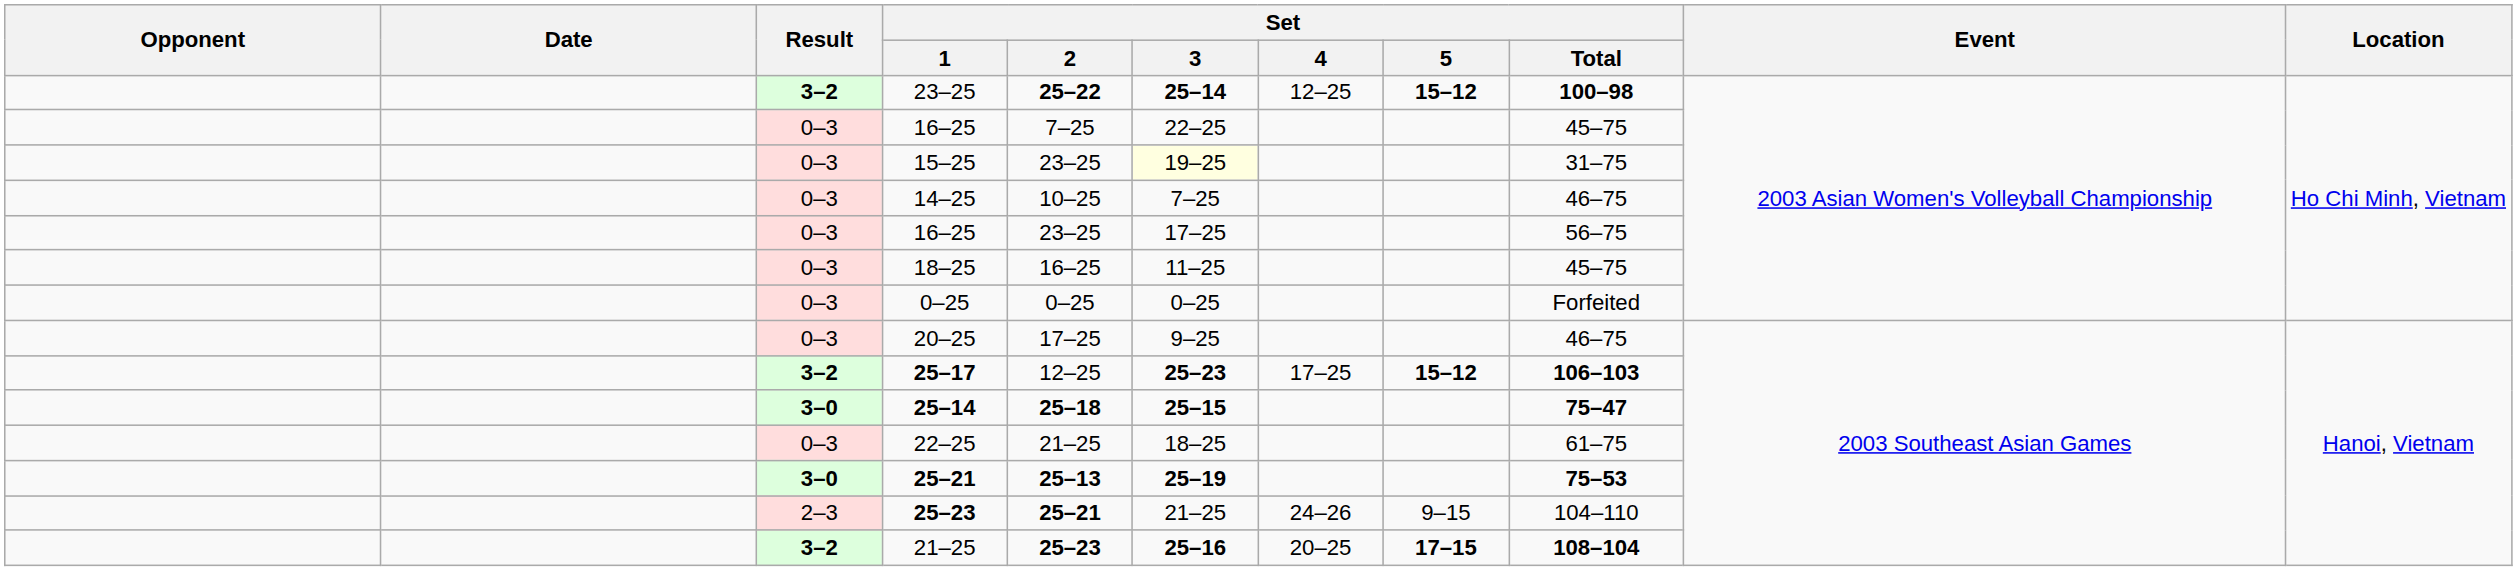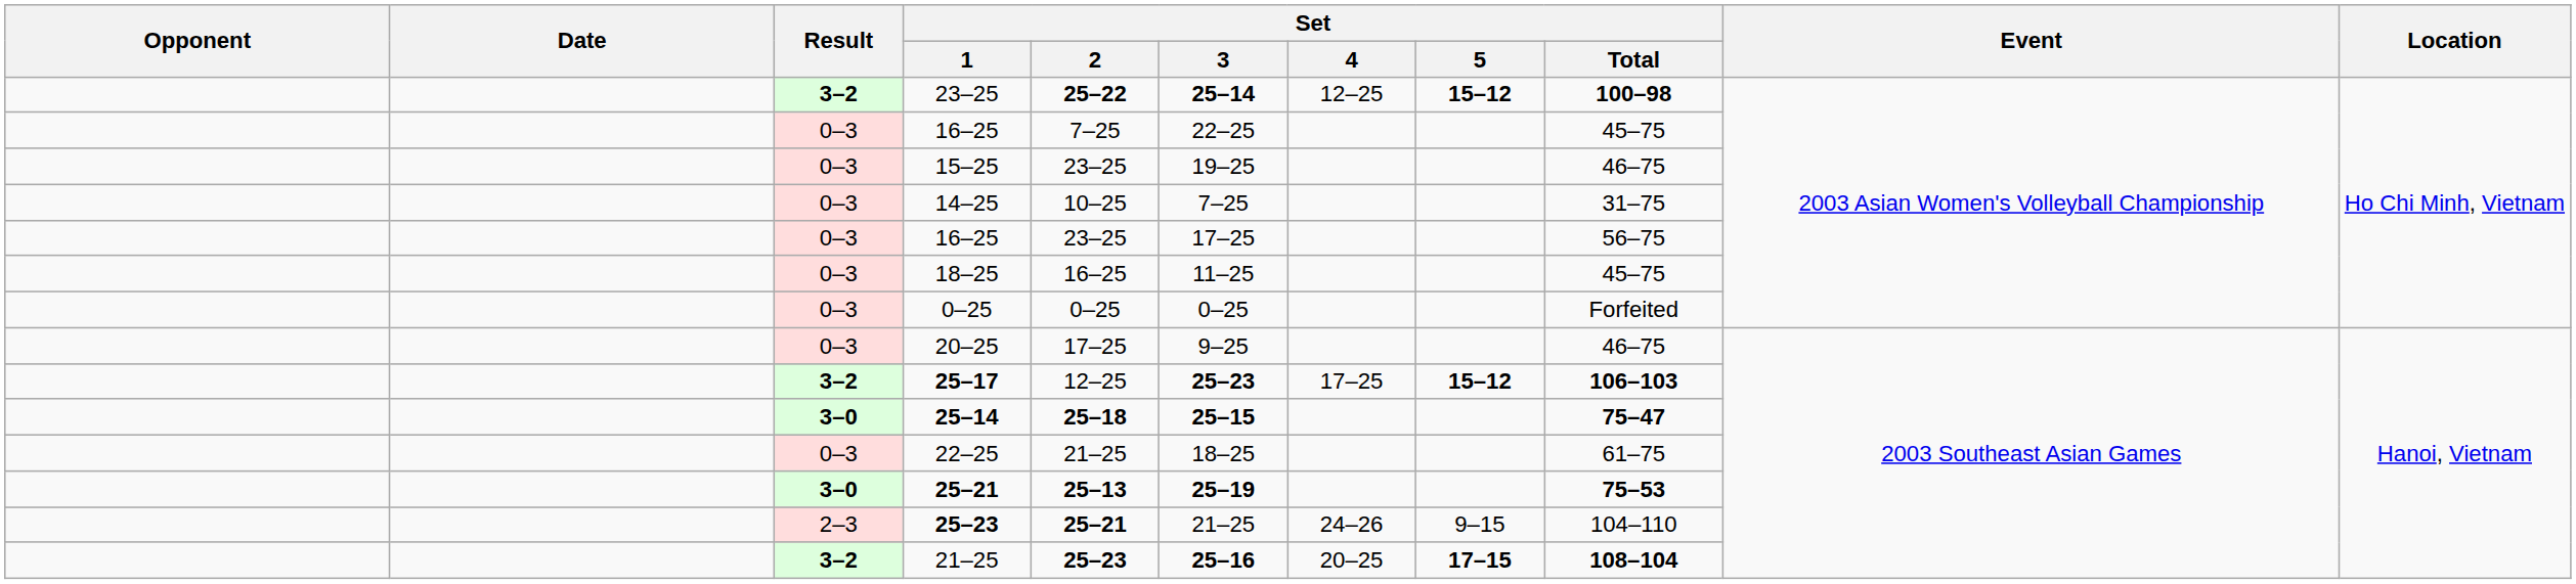 <table class="wikitable" style="font-size: 90%">
 <tr>
 <th rowspan=2 width=15%>Opponent</th>
 <th rowspan=2 width=15%>Date</th>
 <th rowspan=2 width=5%>Result</th>
 <th colspan=6>Set</th>
 <th rowspan=2 width=24%>Event</th>
 <th rowspan=2 width=16%>Location</th>
 </tr>
 <tr>
 <th width=5%>1</th>
 <th width=5%>2</th>
 <th width=5%>3</th>
 <th width=5%>4</th>
 <th width=5%>5</th>
 <th width=7%>Total</th>
 </tr>
 <tr style="text-align:center;">
 <td style="text-align:left;"></td>
 <td></td>
 <td style="background:#ddffdd;"><strong>3–2</strong></td>
 <td>23–25</td>
 <td><strong>25–22</strong></td>
 <td><strong>25–14</strong></td>
 <td>12–25</td>
 <td><strong>15–12</strong></td>
 <td><strong>100–98</strong></td>
 <td rowspan=7><a href='#'>2003 Asian Women's Volleyball Championship</a></td>
 <td rowspan=7><a href='#'>Ho Chi Minh</a>, <a href='#'>Vietnam</a></td>
 </tr>
 <tr style="text-align:center;">
 <td style="text-align:left;"></td>
 <td></td>
 <td style="background:#ffdddd;">0–3</td>
 <td>16–25</td>
 <td>7–25</td>
 <td>22–25</td>
 <td></td>
 <td></td>
 <td>45–75</td>
 </tr>
 <tr style="text-align:center;">
 <td style="text-align:left;"></td>
 <td></td>
 <td style="background:#ffdddd;">0–3</td>
 <td>15–25</td>
 <td>23–25</td>
-<td style="background: lightyellow;">19–25</td>
+<td>19–25</td>
 <td></td>
 <td></td>
-<td>31–75</td>
+<td>46–75</td>
 </tr>
 <tr style="text-align:center;">
 <td style="text-align:left;"></td>
 <td></td>
 <td style="background:#ffdddd;">0–3</td>
 <td>14–25</td>
 <td>10–25</td>
 <td>7–25</td>
 <td></td>
 <td></td>
-<td>46–75</td>
+<td>31–75</td>
 </tr>
 <tr style="text-align:center;">
 <td style="text-align:left;"></td>
 <td></td>
 <td style="background:#ffdddd;">0–3</td>
 <td>16–25</td>
 <td>23–25</td>
 <td>17–25</td>
 <td></td>
 <td></td>
 <td>56–75</td>
 </tr>
 <tr style="text-align:center;">
 <td style="text-align:left;"></td>
 <td></td>
 <td style="background:#ffdddd;;">0–3</td>
 <td>18–25</td>
 <td>16–25</td>
 <td>11–25</td>
 <td></td>
 <td></td>
 <td>45–75</td>
 </tr>
 <tr style="text-align:center;">
 <td style="text-align:left;"></td>
 <td></td>
 <td style="background:#ffdddd;;">0–3</td>
 <td>0–25</td>
 <td>0–25</td>
 <td>0–25</td>
 <td></td>
 <td></td>
 <td>Forfeited</td>
 </tr>
 <tr style="text-align:center;">
 <td style="text-align:left;"></td>
 <td></td>
 <td style="background:#ffdddd;">0–3</td>
 <td>20–25</td>
 <td>17–25</td>
 <td>9–25</td>
 <td></td>
 <td></td>
 <td>46–75</td>
 <td rowspan=7><a href='#'>2003 Southeast Asian Games</a></td>
 <td rowspan=7><a href='#'>Hanoi</a>, <a href='#'>Vietnam</a></td>
 </tr>
 <tr style="text-align:center;">
 <td style="text-align:left;"></td>
 <td></td>
 <td style="background:#ddffdd;"><strong>3–2</strong></td>
 <td><strong>25–17</strong></td>
 <td>12–25</td>
 <td><strong>25–23</strong></td>
 <td>17–25</td>
 <td><strong>15–12</strong></td>
 <td><strong>106–103</strong></td>
 </tr>
 <tr style="text-align:center;">
 <td style="text-align:left;"></td>
 <td></td>
 <td style="background:#ddffdd;"><strong>3–0</strong></td>
 <td><strong>25–14</strong></td>
 <td><strong>25–18</strong></td>
 <td><strong>25–15</strong></td>
 <td></td>
 <td></td>
 <td><strong>75–47</strong></td>
 </tr>
 <tr style="text-align:center;">
 <td style="text-align:left;"></td>
 <td></td>
 <td style="background:#ffdddd;">0–3</td>
 <td>22–25</td>
 <td>21–25</td>
 <td>18–25</td>
 <td></td>
 <td></td>
 <td>61–75</td>
 </tr>
 <tr style="text-align:center;">
 <td style="text-align:left;"></td>
 <td></td>
 <td style="background:#ddffdd;"><strong>3–0</strong></td>
 <td><strong>25–21</strong></td>
 <td><strong>25–13</strong></td>
 <td><strong>25–19</strong></td>
 <td></td>
 <td></td>
 <td><strong>75–53</strong></td>
 </tr>
 <tr style="text-align:center;">
 <td style="text-align:left;"></td>
 <td></td>
 <td style="background:#ffdddd;">2–3</td>
 <td><strong>25–23</strong></td>
 <td><strong>25–21</strong></td>
 <td>21–25</td>
 <td>24–26</td>
 <td>9–15</td>
 <td>104–110</td>
 </tr>
 <tr style="text-align:center;">
 <td style="text-align:left;"></td>
 <td></td>
 <td style="background:#ddffdd;"><strong>3–2</strong></td>
 <td>21–25</td>
 <td><strong>25–23</strong></td>
 <td><strong>25–16</strong></td>
 <td>20–25</td>
 <td><strong>17–15</strong></td>
 <td><strong>108–104</strong></td>
 </tr>
 </table>
